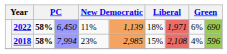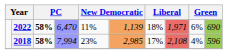 <table class="wikitable" style="float:right; width:400; font-size:90%; margin-left:1em;">
 <tr>
 <th colspan="2" scope="col">Year</th>
 <th colspan="2" scope="col"><a href='#'>PC</a></th>
 <th colspan="2" scope="col"><a href='#'>New Democratic</a></th>
 <th colspan="2" scope="col"><a href='#'>Liberal</a></th>
 <th colspan="2" scope="col"><a href='#'>Green</a></th>
 </tr>
 <tr>
 <td rowspan="2" style="width: 0.25em; background-color: "></td>
 <th><a href='#'>2022</a></th>
 <td><strong>58%</strong></td>
-<td style="text-align:right; background:#9999FF;"><em>6,450</em></td>
+<td style="text-align:right; background:#9999FF;"><em>6,470</em></td>
 <td>11%</td>
 <td style="text-align:right; background:#F4A460;"><em>1,139</em></td>
 <td>18%</td>
 <td style="text-align:right; background:#EA6D6A;"><em>1,971</em></td>
 <td>6%</td>
 <td style="text-align:right; background:#99C955;"><em>690</em></td>
 </tr>
 <tr>
 <th><a href='#'>2018</a></th>
 <td><strong>58%</strong></td>
 <td style="text-align:right; background:#9999FF;"><em>7,994</em></td>
 <td>23%</td>
 <td style="text-align:right; background:#F4A460;"><em>2,985</em></td>
-<td>15%</td>
+<td>17%</td>
 <td style="text-align:right; background:#EA6D6A;"><em>2,108</em></td>
 <td>4%</td>
 <td style="text-align:right; background:#99C955;"><em>596</em></td>
 </tr>
 <tr>
 </tr>
 </table>
